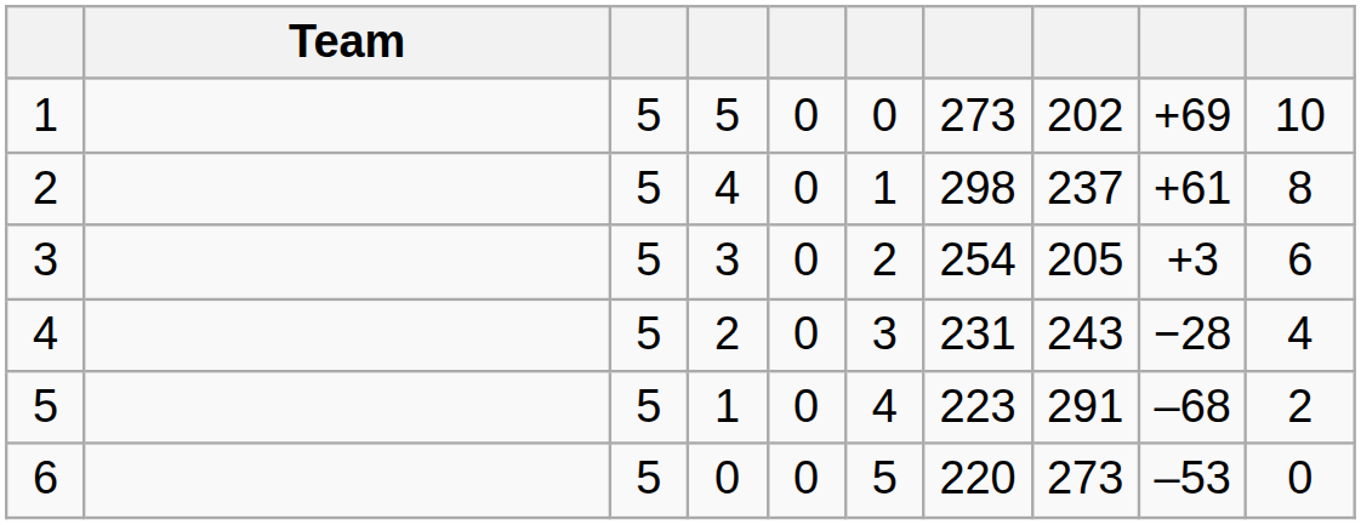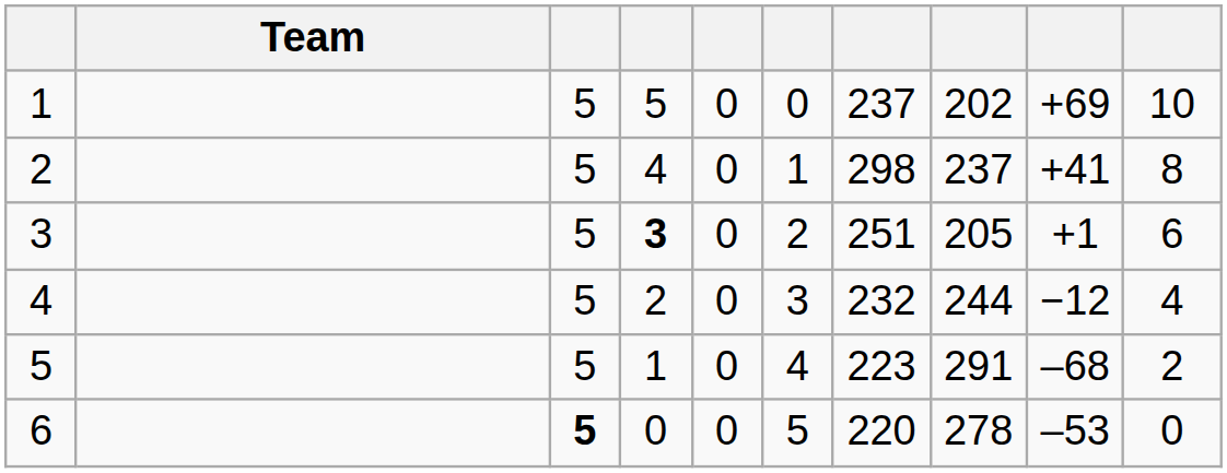 <table class=wikitable style=text-align:center>
 <tr>
 <th width=20 abbr=Position></th>
 <th width=175>Team</th>
 <th width=20 abbr=Played></th>
 <th width=20 abbr=Won></th>
 <th width=20 abbr=Drawn></th>
 <th width=20 abbr=Lost></th>
 <th width=30 abbr=Goal for></th>
 <th width=30 abbr=Goal against></th>
 <th width=30 abbr=Goal difference></th>
 <th width=30 abbr=Points></th>
 </tr>
 <tr>
 <td>1</td>
 <td align=left></td>
 <td>5</td>
 <td>5</td>
 <td>0</td>
 <td>0</td>
-<td>273</td>
+<td>237</td>
 <td>202</td>
 <td>+69</td>
 <td>10</td>
 </tr>
 <tr>
 <td>2</td>
 <td align=left></td>
 <td>5</td>
 <td>4</td>
 <td>0</td>
 <td>1</td>
 <td>298</td>
 <td>237</td>
-<td>+61</td>
+<td>+41</td>
 <td>8</td>
 </tr>
 <tr>
 <td>3</td>
 <td align=left></td>
 <td>5</td>
-<td>3</td>
+<td><strong>3</strong></td>
 <td>0</td>
 <td>2</td>
-<td>254</td>
+<td>251</td>
 <td>205</td>
-<td>+3</td>
+<td>+1</td>
 <td>6</td>
 </tr>
 <tr>
 <td>4</td>
 <td align=left></td>
 <td>5</td>
 <td>2</td>
 <td>0</td>
 <td>3</td>
-<td>231</td>
-<td>243</td>
-<td>−28</td>
+<td>232</td>
+<td>244</td>
+<td>−12</td>
 <td>4</td>
 </tr>
 <tr>
 <td>5</td>
 <td align=left></td>
 <td>5</td>
 <td>1</td>
 <td>0</td>
 <td>4</td>
 <td>223</td>
 <td>291</td>
 <td>–68</td>
 <td>2</td>
 </tr>
 <tr>
 <td>6</td>
 <td align=left></td>
-<td>5</td>
+<td><strong>5</strong></td>
 <td>0</td>
 <td>0</td>
 <td>5</td>
 <td>220</td>
-<td>273</td>
+<td>278</td>
 <td>–53</td>
 <td>0</td>
 </tr>
 </table>
